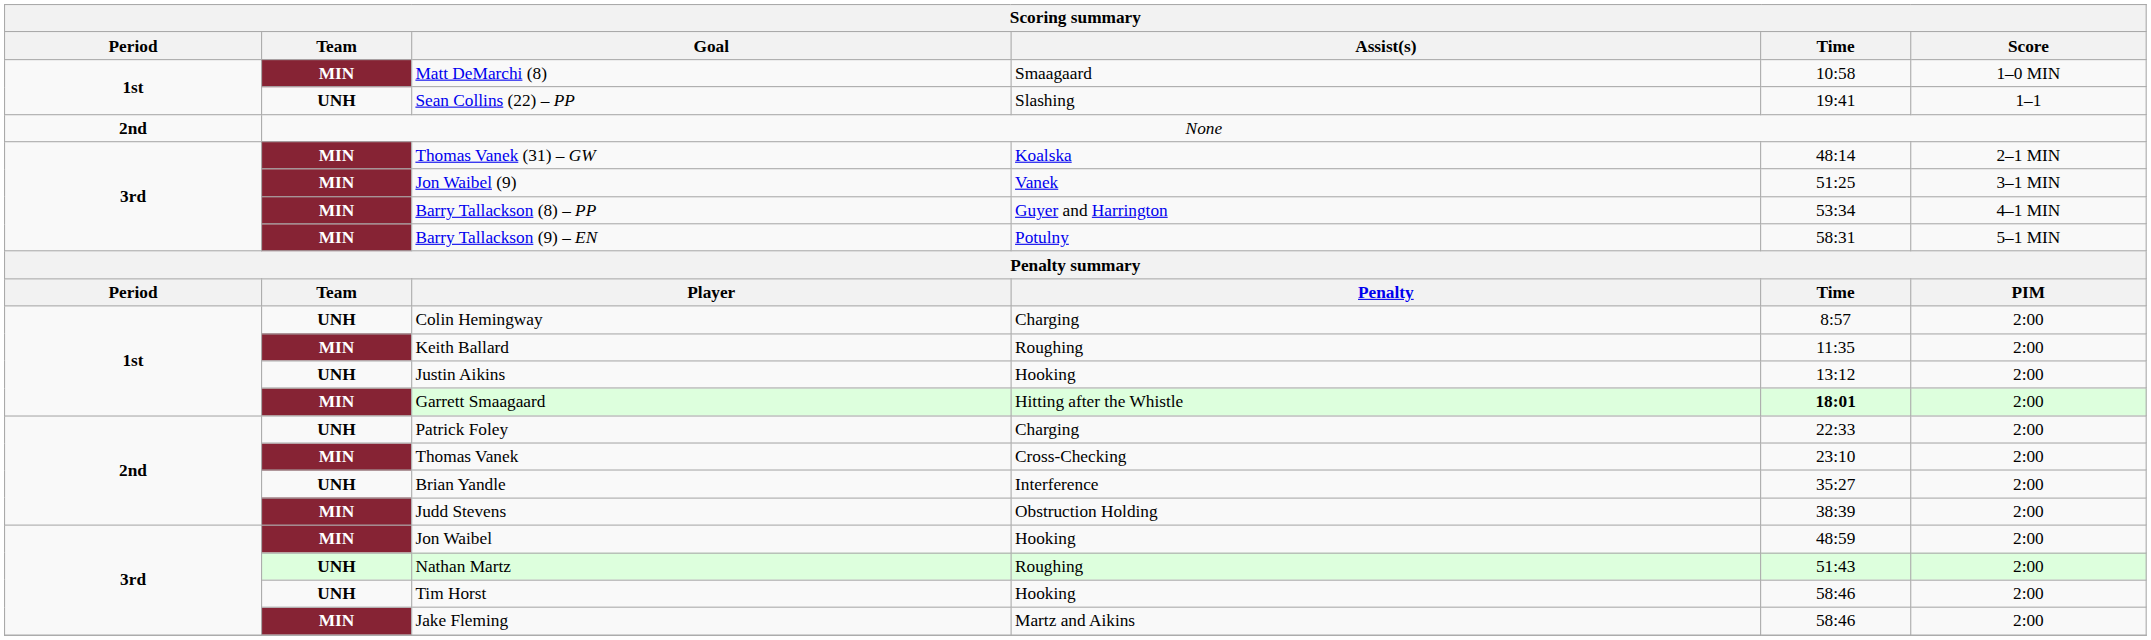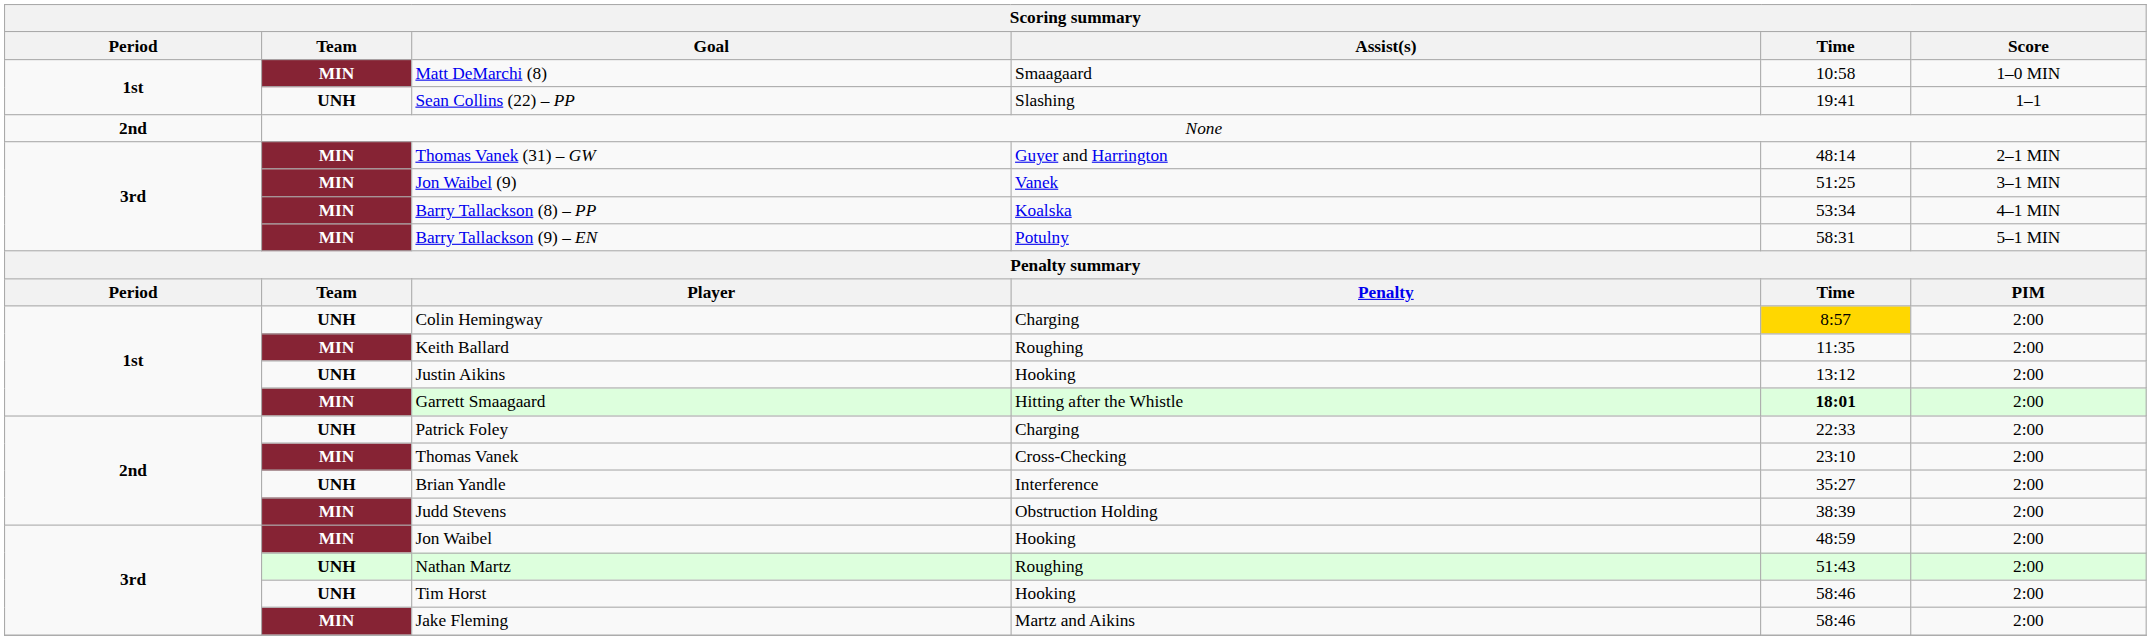 <table style="width:100%;" class="wikitable">
 <tr>
 <th colspan=6>Scoring summary</th>
 </tr>
 <tr>
 <th style="width:12%;">Period</th>
 <th style="width:7%;">Team</th>
 <th style="width:28%;">Goal</th>
 <th style="width:35%;">Assist(s)</th>
 <th style="width:7%;">Time</th>
 <th style="width:11%;">Score</th>
 </tr>
 <tr>
 <td style="text-align:center;" rowspan="2"><strong>1st</strong></td>
 <td align=center style="color:white; background:#862334; "><strong>MIN</strong></td>
 <td><a href='#'>Matt DeMarchi</a> (8)</td>
 <td>Smaagaard</td>
 <td align=center>10:58</td>
 <td align=center>1–0 MIN</td>
 </tr>
 <tr>
 <td align=center><strong>UNH</strong></td>
 <td><a href='#'>Sean Collins</a> (22) – <em>PP</em></td>
 <td>Slashing</td>
 <td align=center>19:41</td>
 <td align=center>1–1</td>
 </tr>
 <tr>
 <td style="text-align:center;" rowspan="1"><strong>2nd</strong></td>
 <td style="text-align:center;" colspan="5"><em>None</em></td>
 </tr>
 <tr>
 <td style="text-align:center;" rowspan="4"><strong>3rd</strong></td>
 <td align=center style="color:white; background:#862334; "><strong>MIN</strong></td>
 <td><a href='#'>Thomas Vanek</a> (31) – <em>GW</em></td>
-<td><a href='#'>Koalska</a></td>
+<td><a href='#'>Guyer</a> and <a href='#'>Harrington</a></td>
 <td align=center>48:14</td>
 <td align=center>2–1 MIN</td>
 </tr>
 <tr>
 <td align=center style="color:white; background:#862334; "><strong>MIN</strong></td>
 <td><a href='#'>Jon Waibel</a> (9)</td>
 <td><a href='#'>Vanek</a></td>
 <td align=center>51:25</td>
 <td align=center>3–1 MIN</td>
 </tr>
 <tr>
 <td align=center style="color:white; background:#862334; "><strong>MIN</strong></td>
 <td><a href='#'>Barry Tallackson</a> (8) – <em>PP</em></td>
-<td><a href='#'>Guyer</a> and <a href='#'>Harrington</a></td>
+<td><a href='#'>Koalska</a></td>
 <td align=center>53:34</td>
 <td align=center>4–1 MIN</td>
 </tr>
 <tr>
 <td align=center style="color:white; background:#862334; "><strong>MIN</strong></td>
 <td><a href='#'>Barry Tallackson</a> (9) – <em>EN</em></td>
 <td><a href='#'>Potulny</a></td>
 <td align=center>58:31</td>
 <td align=center>5–1 MIN</td>
 </tr>
 <tr>
 <th colspan=6>Penalty summary</th>
 </tr>
 <tr>
 <th style="width:12%;">Period</th>
 <th style="width:7%;">Team</th>
 <th style="width:28%;">Player</th>
 <th style="width:35%;"><a href='#'>Penalty</a></th>
 <th style="width:7%;">Time</th>
 <th style="width:11%;">PIM</th>
 </tr>
 <tr>
 <td style="text-align:center;" rowspan="4"><strong>1st</strong></td>
 <td align=center><strong>UNH</strong></td>
 <td>Colin Hemingway</td>
 <td>Charging</td>
-<td align=center>8:57</td>
+<td align=center style="background: gold;">8:57</td>
 <td align=center>2:00</td>
 </tr>
 <tr>
 <td align=center style="color:white; background:#862334; "><strong>MIN</strong></td>
 <td>Keith Ballard</td>
 <td>Roughing</td>
 <td align=center>11:35</td>
 <td align=center>2:00</td>
 </tr>
 <tr>
 <td align=center><strong>UNH</strong></td>
 <td>Justin Aikins</td>
 <td>Hooking</td>
 <td align=center>13:12</td>
 <td align=center>2:00</td>
 </tr>
 <tr bgcolor=ddffdd>
 <td align=center style="color:white; background:#862334; "><strong>MIN</strong></td>
 <td>Garrett Smaagaard</td>
 <td>Hitting after the Whistle</td>
 <td align=center><strong>18:01</strong></td>
 <td align=center>2:00</td>
 </tr>
 <tr>
 <td style="text-align:center;" rowspan="4"><strong>2nd</strong></td>
 <td align=center><strong>UNH</strong></td>
 <td>Patrick Foley</td>
 <td>Charging</td>
 <td align=center>22:33</td>
 <td align=center>2:00</td>
 </tr>
 <tr>
 <td align=center style="color:white; background:#862334; "><strong>MIN</strong></td>
 <td>Thomas Vanek</td>
 <td>Cross-Checking</td>
 <td align=center>23:10</td>
 <td align=center>2:00</td>
 </tr>
 <tr>
 <td align=center><strong>UNH</strong></td>
 <td>Brian Yandle</td>
 <td>Interference</td>
 <td align=center>35:27</td>
 <td align=center>2:00</td>
 </tr>
 <tr>
 <td align=center style="color:white; background:#862334; "><strong>MIN</strong></td>
 <td>Judd Stevens</td>
 <td>Obstruction Holding</td>
 <td align=center>38:39</td>
 <td align=center>2:00</td>
 </tr>
 <tr>
 <td style="text-align:center;" rowspan="4"><strong>3rd</strong></td>
 <td align=center style="color:white; background:#862334; "><strong>MIN</strong></td>
 <td>Jon Waibel</td>
 <td>Hooking</td>
 <td align=center>48:59</td>
 <td align=center>2:00</td>
 </tr>
 <tr bgcolor=ddffdd>
 <td align=center><strong>UNH</strong></td>
 <td>Nathan Martz</td>
 <td>Roughing</td>
 <td align=center>51:43</td>
 <td align=center>2:00</td>
 </tr>
 <tr>
 <td align=center><strong>UNH</strong></td>
 <td>Tim Horst</td>
 <td>Hooking</td>
 <td align=center>58:46</td>
 <td align=center>2:00</td>
 </tr>
 <tr>
 <td align=center style="color:white; background:#862334; "><strong>MIN</strong></td>
 <td>Jake Fleming</td>
 <td>Martz and Aikins</td>
 <td align=center>58:46</td>
 <td align=center>2:00</td>
 </tr>
 <tr>
 </tr>
 </table>
